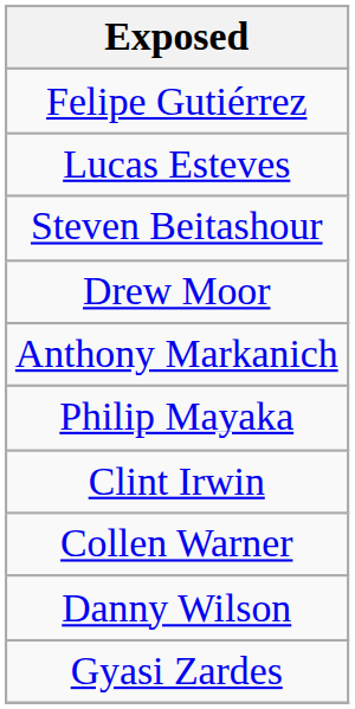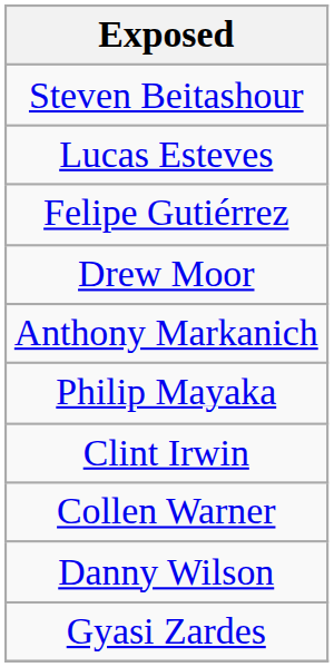 <table class="wikitable" style="text-align:center">
 <tr>
 <th>Exposed</th>
 </tr>
 <tr>
-<td><a href='#'>Felipe Gutiérrez</a></td>
+<td><a href='#'>Steven Beitashour</a></td>
 </tr>
 <tr>
 <td><a href='#'>Lucas Esteves</a></td>
 </tr>
 <tr>
-<td><a href='#'>Steven Beitashour</a></td>
+<td><a href='#'>Felipe Gutiérrez</a></td>
 </tr>
 <tr>
 <td><a href='#'>Drew Moor</a></td>
 </tr>
 <tr>
 <td><a href='#'>Anthony Markanich</a></td>
 </tr>
 <tr>
 <td><a href='#'>Philip Mayaka</a></td>
 </tr>
 <tr>
 <td><a href='#'>Clint Irwin</a></td>
 </tr>
 <tr>
 <td><a href='#'>Collen Warner</a></td>
 </tr>
 <tr>
 <td><a href='#'>Danny Wilson</a></td>
 </tr>
 <tr>
 <td><a href='#'>Gyasi Zardes</a></td>
 </tr>
 <tr>
 </tr>
 </table>
